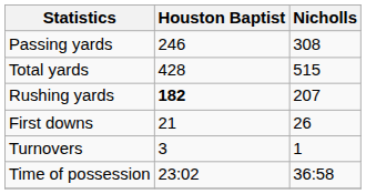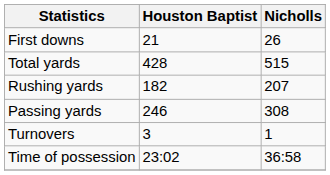 <table class="wikitable">
 <tr>
 <th>Statistics</th>
 <th>Houston Baptist</th>
 <th>Nicholls</th>
 </tr>
 <tr>
-<td>Passing yards</td>
-<td>246</td>
-<td>308</td>
+<td>First downs</td>
+<td>21</td>
+<td>26</td>
 </tr>
 <tr>
 <td>Total yards</td>
 <td>428</td>
 <td>515</td>
 </tr>
 <tr>
 <td>Rushing yards</td>
-<td><strong>182</strong></td>
+<td>182</td>
 <td>207</td>
 </tr>
 <tr>
-<td>First downs</td>
-<td>21</td>
-<td>26</td>
+<td>Passing yards</td>
+<td>246</td>
+<td>308</td>
 </tr>
 <tr>
 <td>Turnovers</td>
 <td>3</td>
 <td>1</td>
 </tr>
 <tr>
 <td>Time of possession</td>
 <td>23:02</td>
 <td>36:58</td>
 </tr>
 <tr>
 </tr>
 </table>
